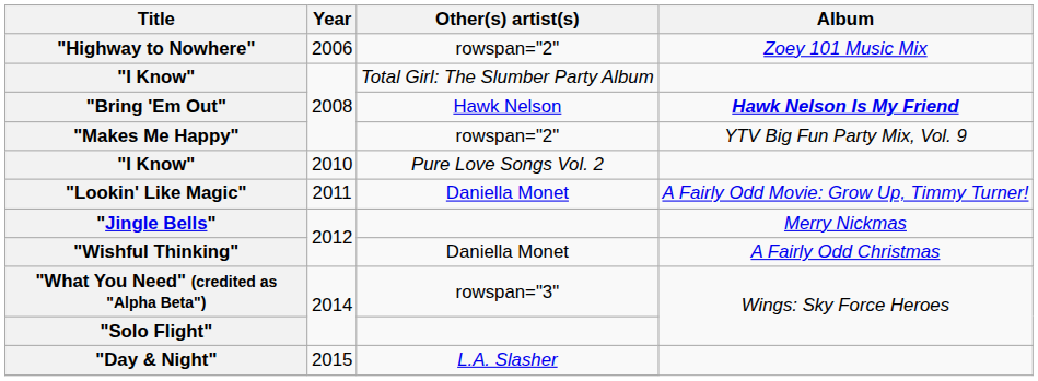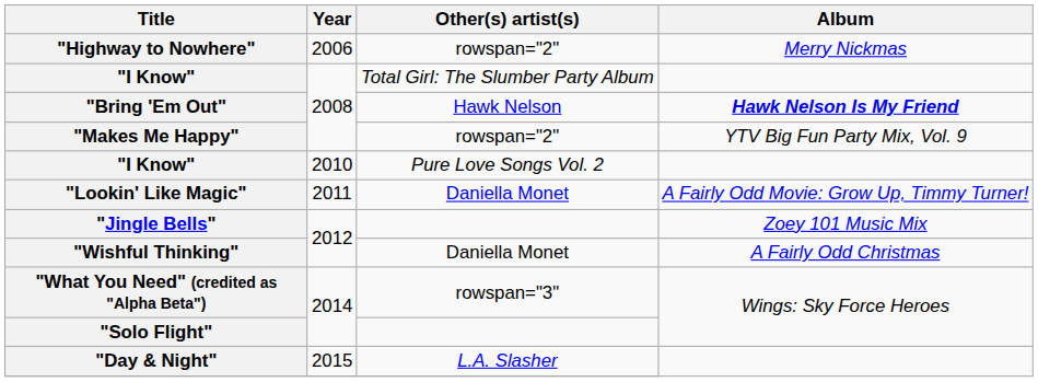 <table class="wikitable plainrowheaders" style="text-align:center;" border="1">
 <tr>
 <th scope="col" style="width:16em;">Title</th>
 <th scope="col">Year</th>
 <th scope="col">Other(s) artist(s)</th>
 <th scope="col">Album</th>
 </tr>
 <tr>
 <th scope="row">"Highway to Nowhere"</th>
 <td>2006</td>
 <td>rowspan="2" </td>
-<td><em><a href='#'>Zoey 101 Music Mix</a></em></td>
+<td><em><a href='#'>Merry Nickmas</a></em></td>
 </tr>
 <tr>
 <th scope="row">"I Know"</th>
 <td rowspan="3">2008</td>
 <td><em>Total Girl: The Slumber Party Album</em></td>
 </tr>
 <tr>
 <th scope="row">"Bring 'Em Out"</th>
 <td><a href='#'>Hawk Nelson</a></td>
 <td><strong><em><a href='#'>Hawk Nelson Is My Friend</a></em></strong></td>
 </tr>
 <tr>
 <th scope="row">"Makes Me Happy"</th>
 <td>rowspan="2" </td>
 <td><em>YTV Big Fun Party Mix, Vol. 9</em></td>
 </tr>
 <tr>
 <th scope="row">"I Know"</th>
 <td>2010</td>
 <td><em>Pure Love Songs Vol. 2</em></td>
 </tr>
 <tr>
 <th scope="row">"Lookin' Like Magic"</th>
 <td>2011</td>
 <td><a href='#'>Daniella Monet</a></td>
 <td><em><a href='#'>A Fairly Odd Movie: Grow Up, Timmy Turner!</a></em></td>
 </tr>
 <tr>
 <th scope="row">"<a href='#'>Jingle Bells</a>"</th>
 <td rowspan="2">2012</td>
 <td></td>
-<td><em><a href='#'>Merry Nickmas</a></em></td>
+<td><em><a href='#'>Zoey 101 Music Mix</a></em></td>
 </tr>
 <tr>
 <th scope="row">"Wishful Thinking"</th>
 <td>Daniella Monet</td>
 <td><em><a href='#'>A Fairly Odd Christmas</a></em></td>
 </tr>
 <tr>
 <th scope="row">"What You Need" <small>(credited as "Alpha Beta")</small></th>
 <td rowspan="2">2014</td>
 <td>rowspan="3" </td>
 <td rowspan="2"><em>Wings: Sky Force Heroes</em></td>
 </tr>
 <tr>
 <th scope="row">"Solo Flight"</th>
 </tr>
 <tr>
 <th scope="row">"Day & Night"</th>
 <td>2015</td>
 <td><em><a href='#'>L.A. Slasher</a></em></td>
 </tr>
 <tr>
 </tr>
 </table>
